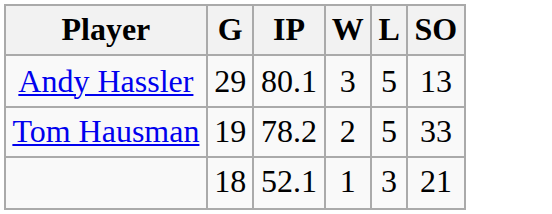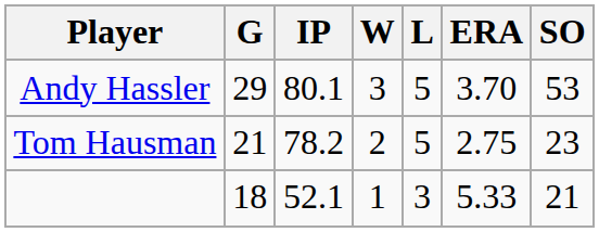 <table class="wikitable sortable">
 <tr>
 <th>Player</th>
 <th>G</th>
 <th>IP</th>
 <th>W</th>
 <th>L</th>
+<th>ERA</th>
 <th>SO</th>
 </tr>
 <tr style="text-align:center;">
 <td><a href='#'>Andy Hassler</a></td>
 <td>29</td>
 <td>80.1</td>
 <td>3</td>
 <td>5</td>
-<td>13</td>
+<td>3.70</td>
+<td>53</td>
 </tr>
 <tr align=center>
 <td><a href='#'>Tom Hausman</a></td>
-<td>19</td>
+<td>21</td>
 <td>78.2</td>
 <td>2</td>
 <td>5</td>
-<td>33</td>
+<td>2.75</td>
+<td>23</td>
 </tr>
 <tr align=center>
 <td></td>
 <td>18</td>
 <td>52.1</td>
 <td>1</td>
 <td>3</td>
+<td>5.33</td>
 <td>21</td>
 </tr>
 </table>
